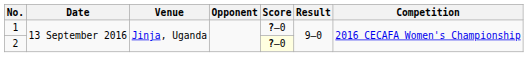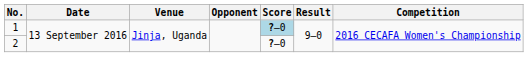 <table class="wikitable">
 <tr>
 <th>No.</th>
 <th>Date</th>
 <th>Venue</th>
 <th>Opponent</th>
 <th>Score</th>
 <th>Result</th>
 <th>Competition</th>
 </tr>
 <tr>
 <td style="text-align:center;">1</td>
 <td rowspan=2>13 September 2016</td>
 <td rowspan=2><a href='#'>Jinja</a>, Uganda</td>
 <td rowspan=2></td>
-<td style="text-align:center;"><strong>?</strong>–0</td>
+<td style="background: lightblue; text-align:center;"><strong>?</strong>–0</td>
 <td style="text-align:center;" rowspan=2>9–0</td>
 <td rowspan=2><a href='#'>2016 CECAFA Women's Championship</a></td>
 </tr>
 <tr>
 <td style="text-align:center;">2</td>
-<td style="background: lightyellow; text-align:center;"><strong>?</strong>–0</td>
+<td style="text-align:center;"><strong>?</strong>–0</td>
 </tr>
 </table>
